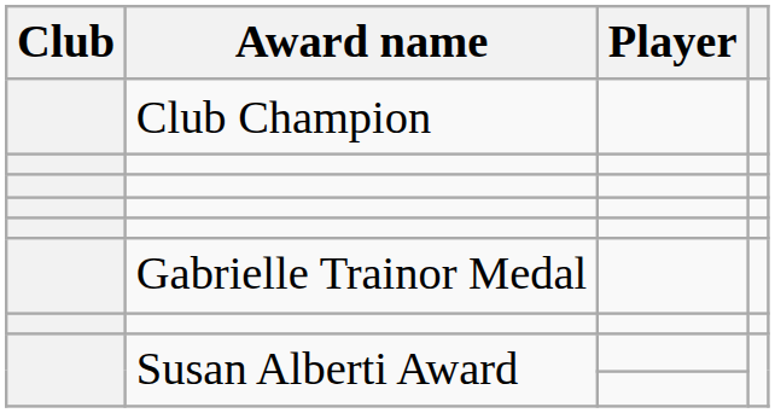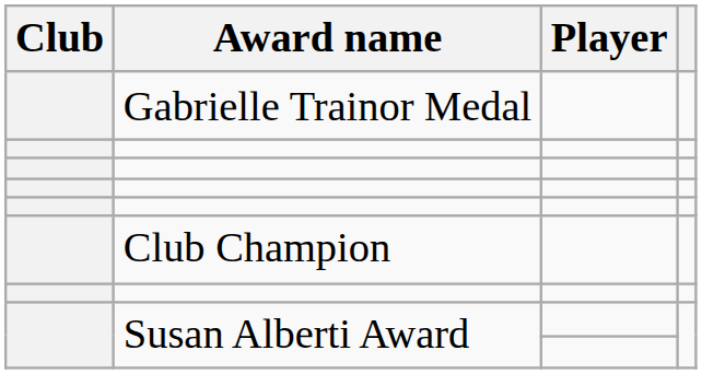 <table class="wikitable plainrowheaders">
 <tr>
 <th scope="col">Club</th>
 <th scope="col">Award name</th>
 <th scope="col">Player</th>
 <th scope="col"></th>
 </tr>
 <tr>
 <th scope="row"></th>
-<td>Club Champion</td>
+<td>Gabrielle Trainor Medal</td>
 <td></td>
 <td align="center"></td>
 </tr>
 <tr>
 <th scope="row"></th>
 <td></td>
 <td></td>
 <td align="center"></td>
 </tr>
 <tr>
 <th scope="row"></th>
 <td></td>
 <td></td>
 <td></td>
 </tr>
 <tr>
 <th scope="row"></th>
 <td></td>
 <td></td>
 <td align="center"></td>
 </tr>
 <tr>
 <th scope="row"></th>
 <td></td>
 <td></td>
 <td align="center"></td>
 </tr>
 <tr>
 <th scope="row"></th>
-<td>Gabrielle Trainor Medal</td>
+<td>Club Champion</td>
 <td></td>
 <td align="center"></td>
 </tr>
 <tr>
 <th scope="row"></th>
 <td></td>
 <td></td>
 <td align="center"></td>
 </tr>
 <tr>
 <th scope="row" rowspan="2"></th>
 <td rowspan="2">Susan Alberti Award</td>
 <td></td>
 <td align="center" rowspan="2"></td>
 </tr>
 <tr>
 <td></td>
 </tr>
 </table>
